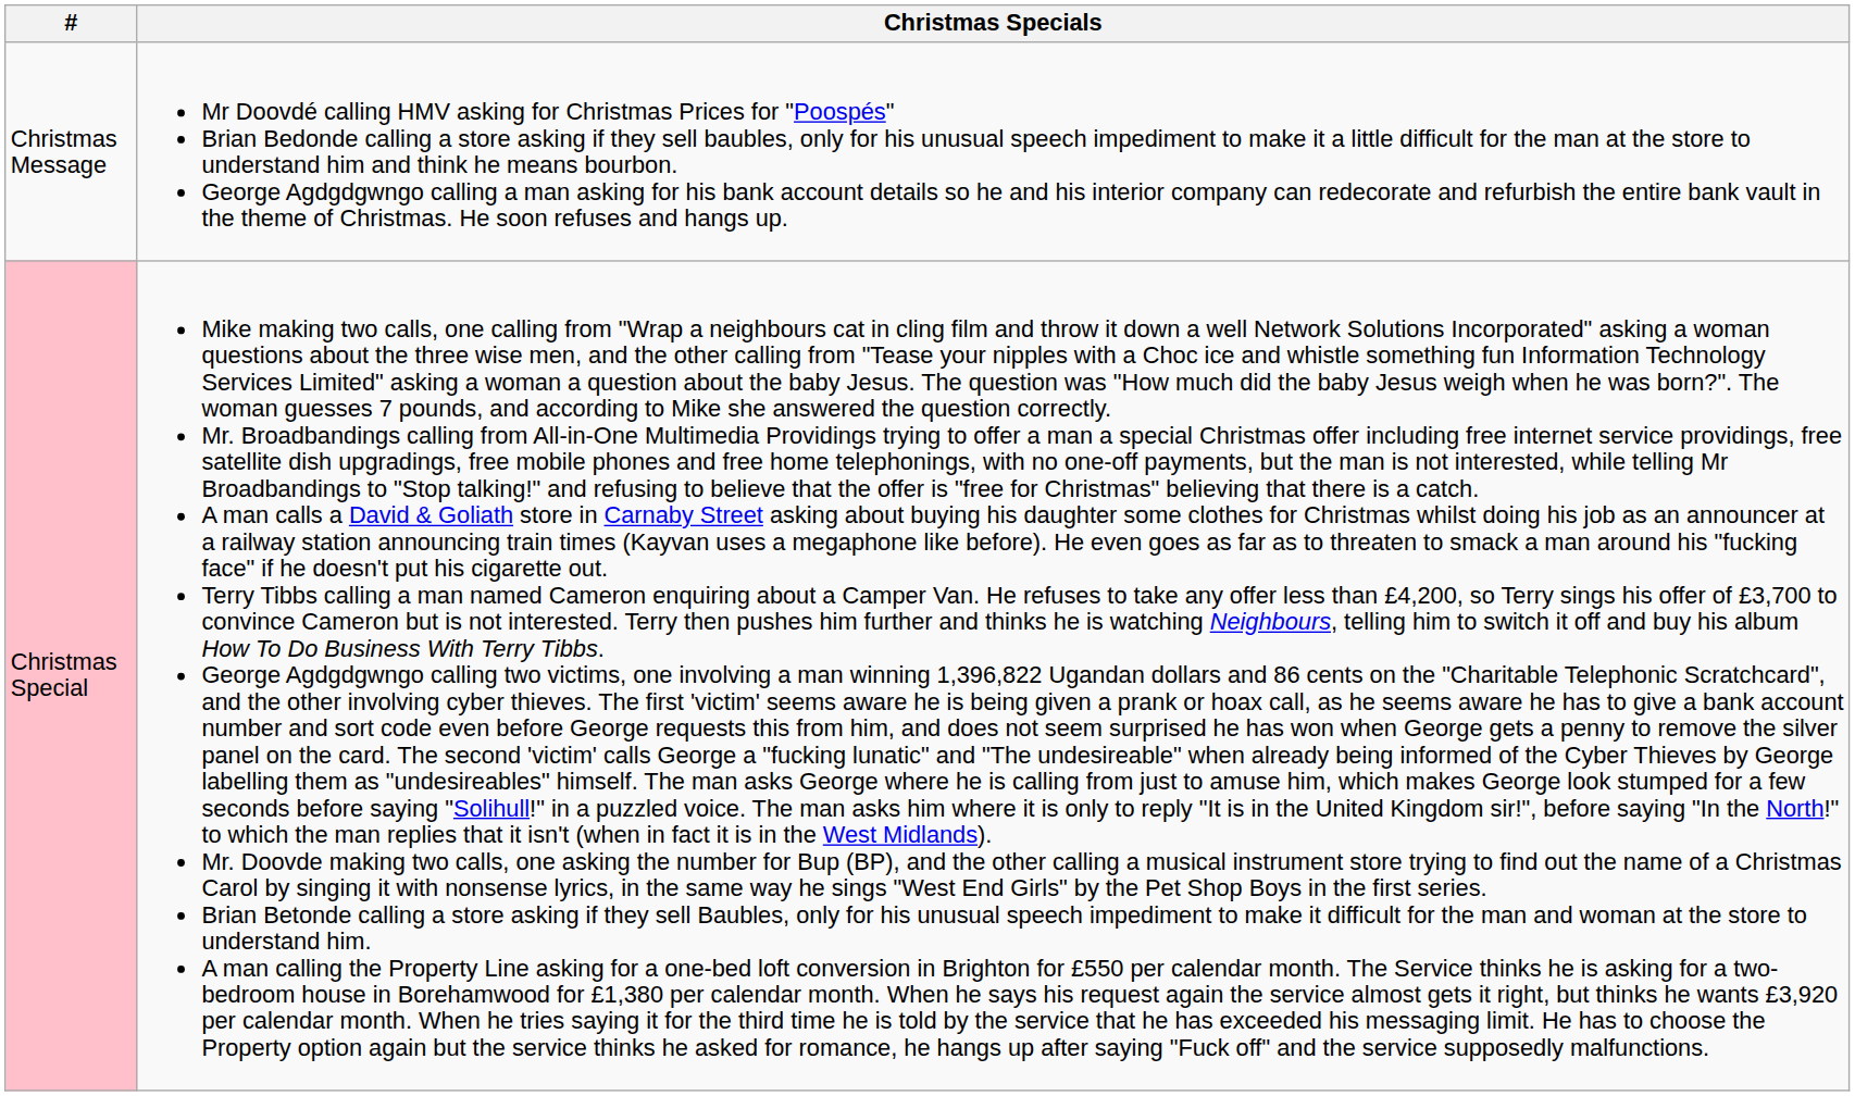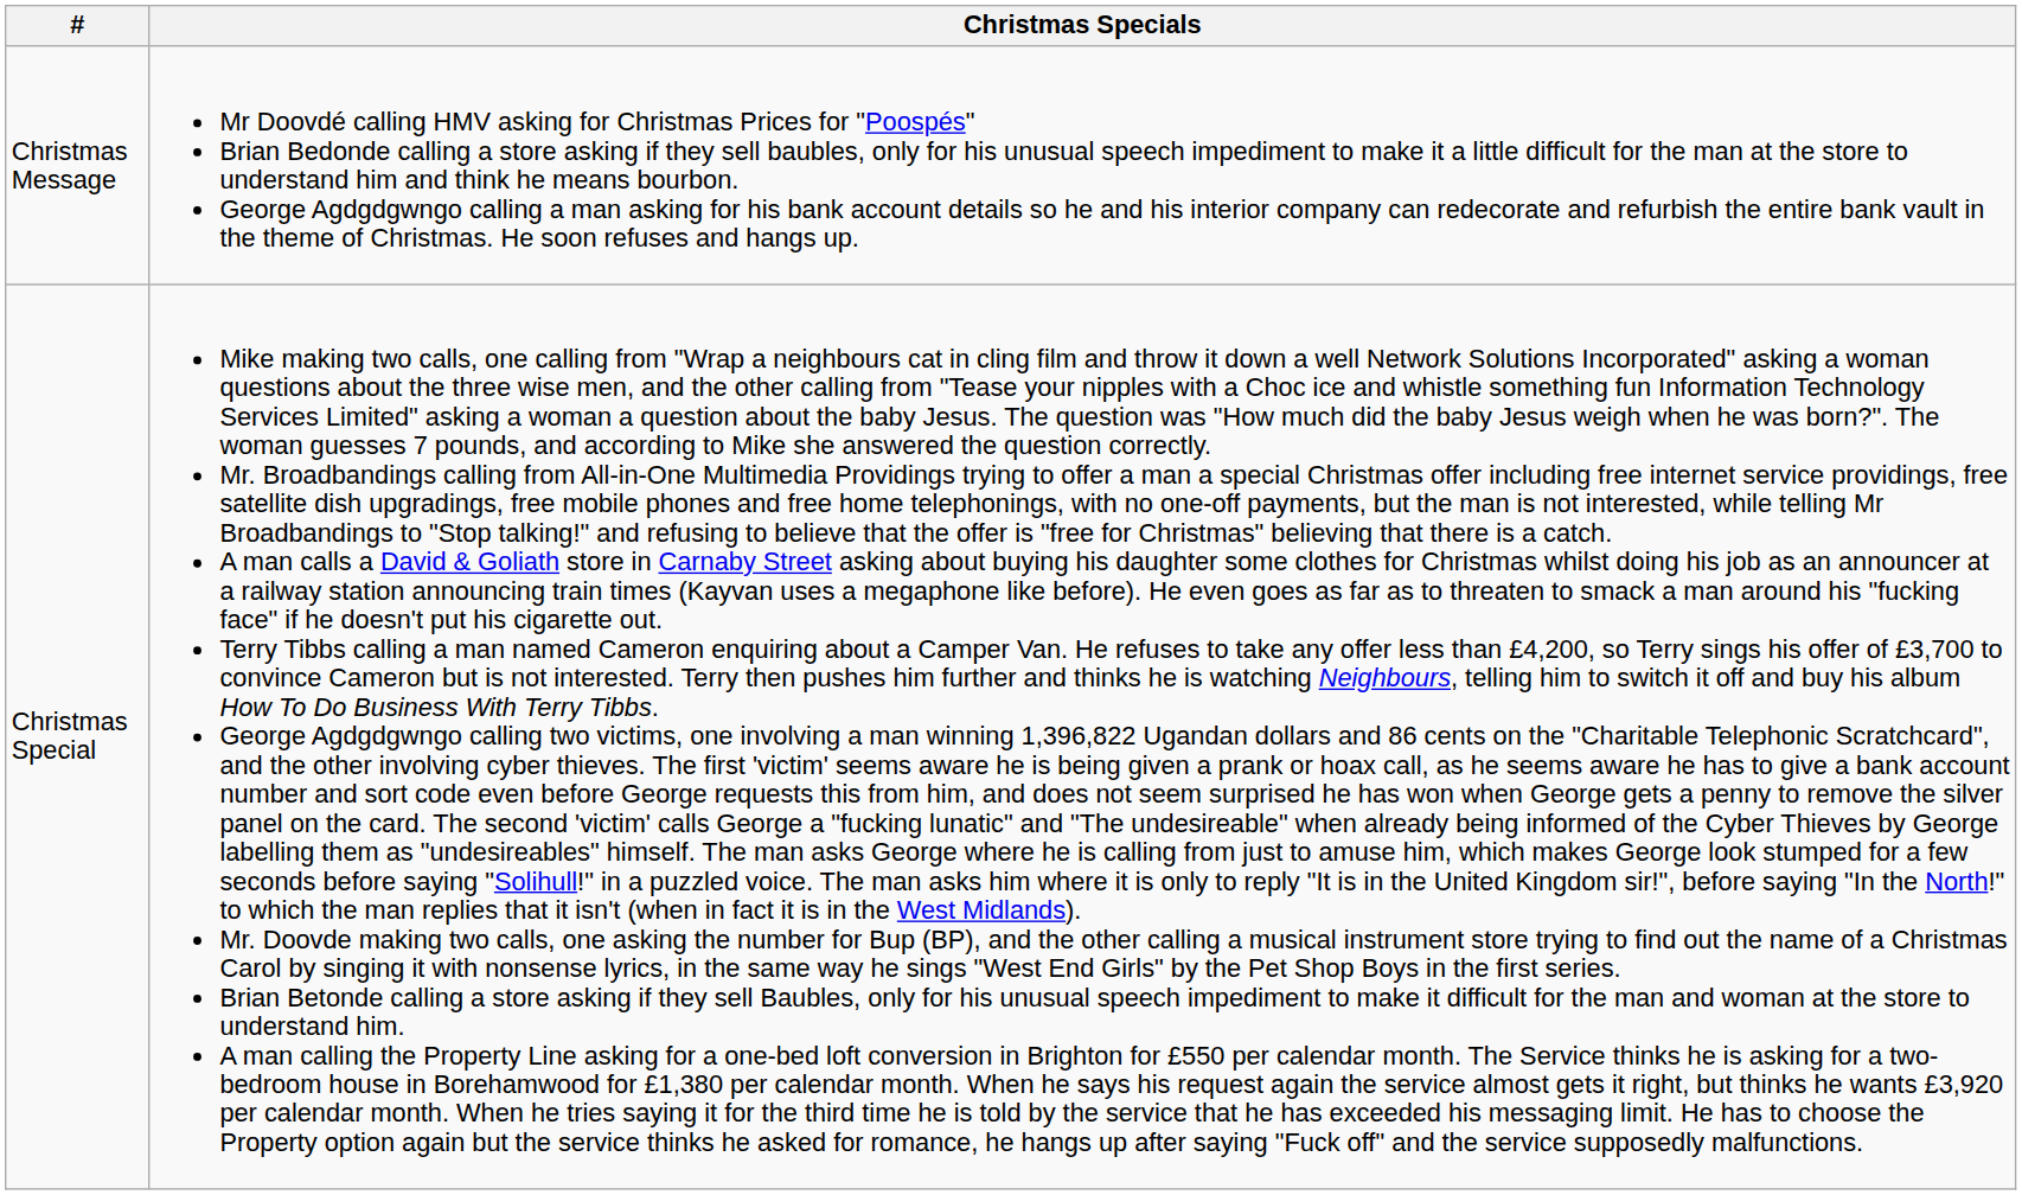 <table class="wikitable">
 <tr>
 <th>#</th>
 <th>Christmas Specials</th>
 </tr>
 <tr>
 <td>Christmas Message</td>
 <td><br><ul><li>Mr Doovdé calling HMV asking for Christmas Prices for "<a href='#'>Poospés</a>"</li><li>Brian Bedonde calling a store asking if they sell baubles, only for his unusual speech impediment to make it a little difficult for the man at the store to understand him and think he means bourbon.</li><li>George Agdgdgwngo calling a man asking for his bank account details so he and his interior company can redecorate and refurbish the entire bank vault in the theme of Christmas. He soon refuses and hangs up.</li></ul></td>
 </tr>
 <tr>
-<td style="background: pink;">Christmas Special</td>
+<td>Christmas Special</td>
 <td><br><ul><li>Mike making two calls, one calling from "Wrap a neighbours cat in cling film and throw it down a well Network Solutions Incorporated" asking a woman questions about the three wise men, and the other calling from "Tease your nipples with a Choc ice and whistle something fun Information Technology Services Limited" asking a woman a question about the baby Jesus. The question was "How much did the baby Jesus weigh when he was born?". The woman guesses 7 pounds, and according to Mike she answered the question correctly.</li><li>Mr. Broadbandings calling from All-in-One Multimedia Providings trying to offer a man a special Christmas offer including free internet service providings, free satellite dish upgradings, free mobile phones and free home telephonings, with no one-off payments, but the man is not interested, while telling Mr Broadbandings to "Stop talking!" and refusing to believe that the offer is "free for Christmas" believing that there is a catch.</li><li>A man calls a <a href='#'>David & Goliath</a> store in <a href='#'>Carnaby Street</a> asking about buying his daughter some clothes for Christmas whilst doing his job as an announcer at a railway station announcing train times (Kayvan uses a megaphone like before). He even goes as far as to threaten to smack a man around his "fucking face" if he doesn't put his cigarette out.</li><li>Terry Tibbs calling a man named Cameron enquiring about a Camper Van. He refuses to take any offer less than £4,200, so Terry sings his offer of £3,700 to convince Cameron but is not interested. Terry then pushes him further and thinks he is watching <em><a href='#'>Neighbours</a></em>, telling him to switch it off and buy his album <em>How To Do Business With Terry Tibbs</em>.</li><li>George Agdgdgwngo calling two victims, one involving a man winning 1,396,822 Ugandan dollars and 86 cents on the "Charitable Telephonic Scratchcard", and the other involving cyber thieves. The first 'victim' seems aware he is being given a prank or hoax call, as he seems aware he has to give a bank account number and sort code even before George requests this from him, and does not seem surprised he has won when George gets a penny to remove the silver panel on the card. The second 'victim' calls George a "fucking lunatic" and "The undesireable" when already being informed of the Cyber Thieves by George labelling them as "undesireables" himself. The man asks George where he is calling from just to amuse him, which makes George look stumped for a few seconds before saying "<a href='#'>Solihull</a>!" in a puzzled voice. The man asks him where it is only to reply "It is in the United Kingdom sir!", before saying "In the <a href='#'>North</a>!" to which the man replies that it isn't (when in fact it is in the <a href='#'>West Midlands</a>).</li><li>Mr. Doovde making two calls, one asking the number for Bup (BP), and the other calling a musical instrument store trying to find out the name of a Christmas Carol by singing it with nonsense lyrics, in the same way he sings "West End Girls" by the Pet Shop Boys in the first series.</li><li>Brian Betonde calling a store asking if they sell Baubles, only for his unusual speech impediment to make it difficult for the man and woman at the store to understand him.</li><li>A man calling the Property Line asking for a one-bed loft conversion in Brighton for £550 per calendar month. The Service thinks he is asking for a two-bedroom house in Borehamwood for £1,380 per calendar month. When he says his request again the service almost gets it right, but thinks he wants £3,920 per calendar month. When he tries saying it for the third time he is told by the service that he has exceeded his messaging limit. He has to choose the Property option again but the service thinks he asked for romance, he hangs up after saying "Fuck off" and the service supposedly malfunctions.</li></ul></td>
 </tr>
 </table>
